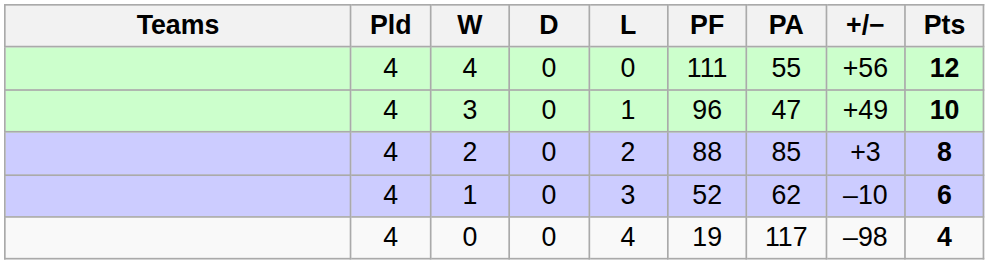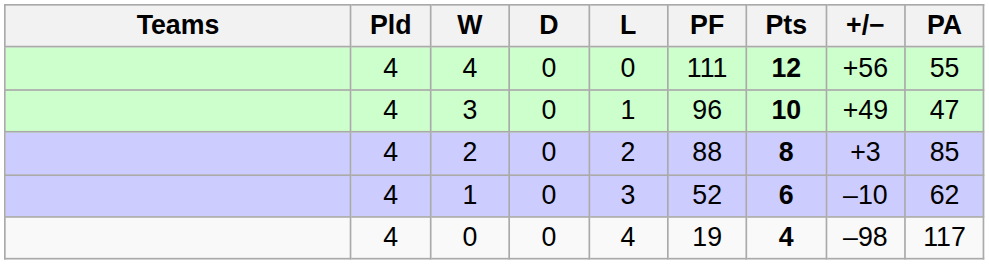 <table class="wikitable" style="text-align: center;">
 <tr>
 <th width="200">Teams</th>
 <th width="40">Pld</th>
 <th width="40">W</th>
 <th width="40">D</th>
 <th width="40">L</th>
 <th width="40">PF</th>
+<th width="40">Pts</th>
+<th width="40">+/−</th>
 <th width="40">PA</th>
-<th width="40">+/−</th>
-<th width="40">Pts</th>
 </tr>
 <tr bgcolor=ccffcc>
 <td align=left></td>
 <td>4</td>
 <td>4</td>
 <td>0</td>
 <td>0</td>
 <td>111</td>
+<td><strong>12</strong></td>
+<td>+56</td>
 <td>55</td>
-<td>+56</td>
-<td><strong>12</strong></td>
 </tr>
 <tr bgcolor=ccffcc>
 <td align=left></td>
 <td>4</td>
 <td>3</td>
 <td>0</td>
 <td>1</td>
 <td>96</td>
+<td><strong>10</strong></td>
+<td>+49</td>
 <td>47</td>
-<td>+49</td>
-<td><strong>10</strong></td>
 </tr>
 <tr bgcolor=ccccff>
 <td align=left></td>
 <td>4</td>
 <td>2</td>
 <td>0</td>
 <td>2</td>
 <td>88</td>
+<td><strong>8</strong></td>
+<td>+3</td>
 <td>85</td>
-<td>+3</td>
-<td><strong>8</strong></td>
 </tr>
 <tr bgcolor=ccccff>
 <td align=left></td>
 <td>4</td>
 <td>1</td>
 <td>0</td>
 <td>3</td>
 <td>52</td>
+<td><strong>6</strong></td>
+<td>–10</td>
 <td>62</td>
-<td>–10</td>
-<td><strong>6</strong></td>
 </tr>
 <tr>
 <td align=left></td>
 <td>4</td>
 <td>0</td>
 <td>0</td>
 <td>4</td>
 <td>19</td>
+<td><strong>4</strong></td>
+<td>–98</td>
 <td>117</td>
-<td>–98</td>
-<td><strong>4</strong></td>
 </tr>
 </table>
